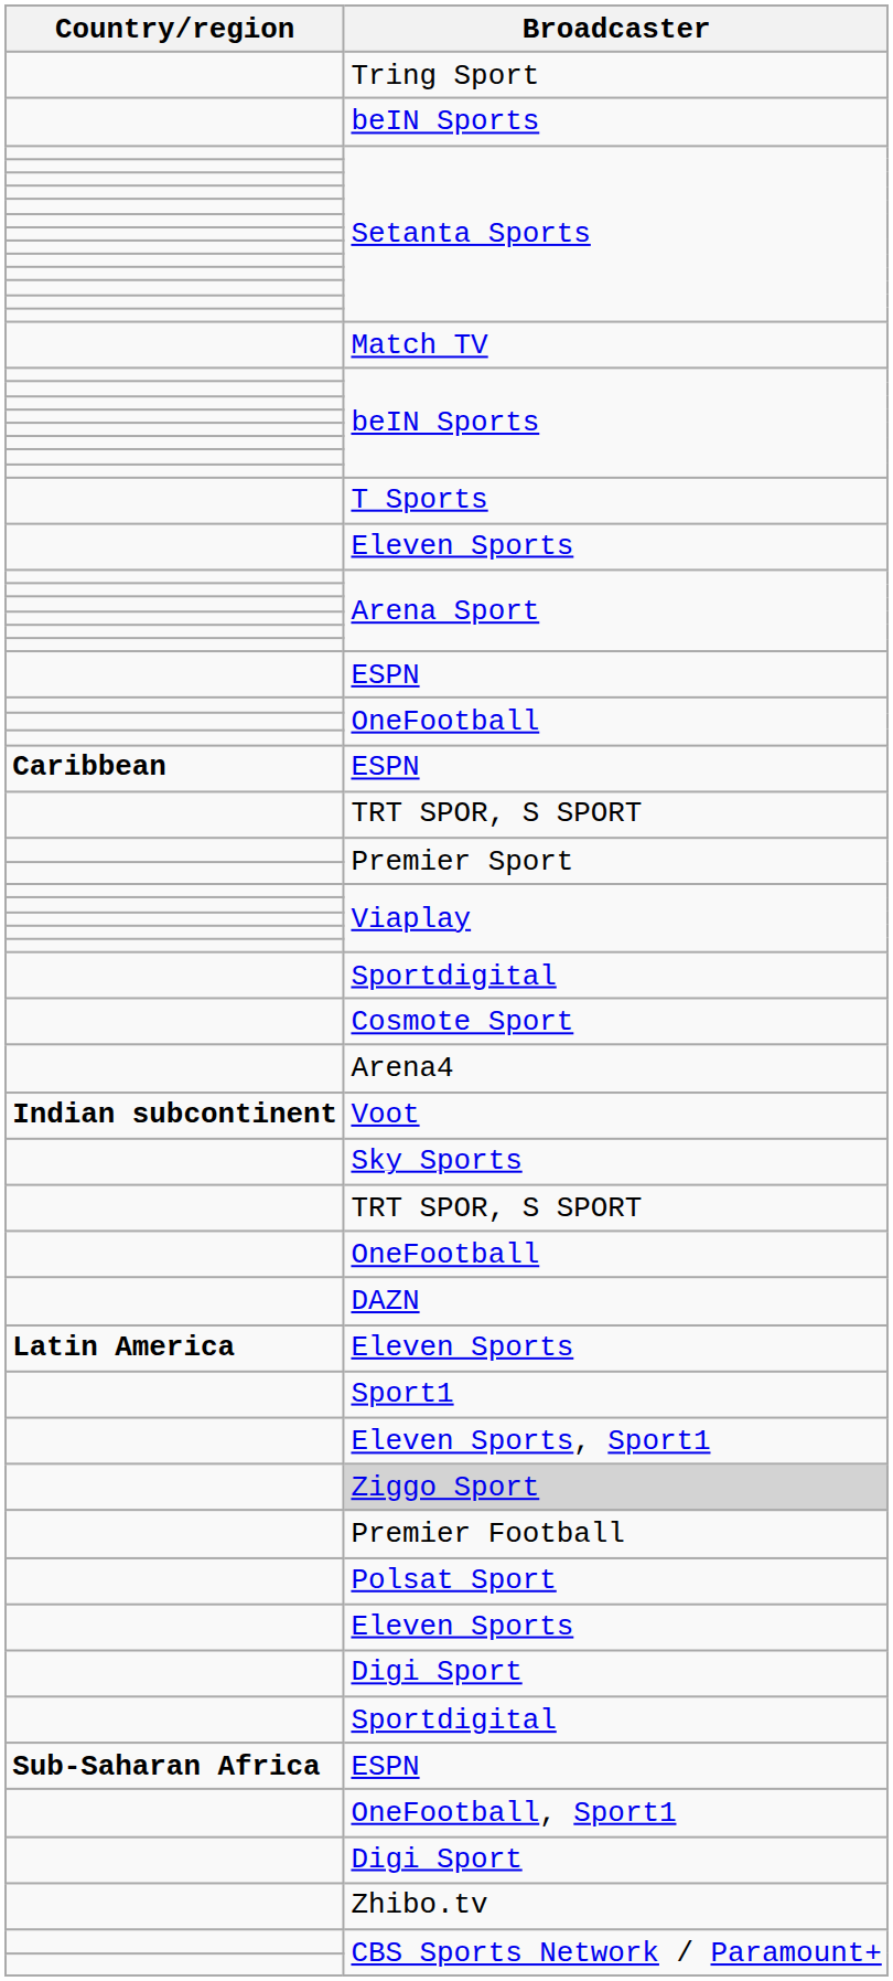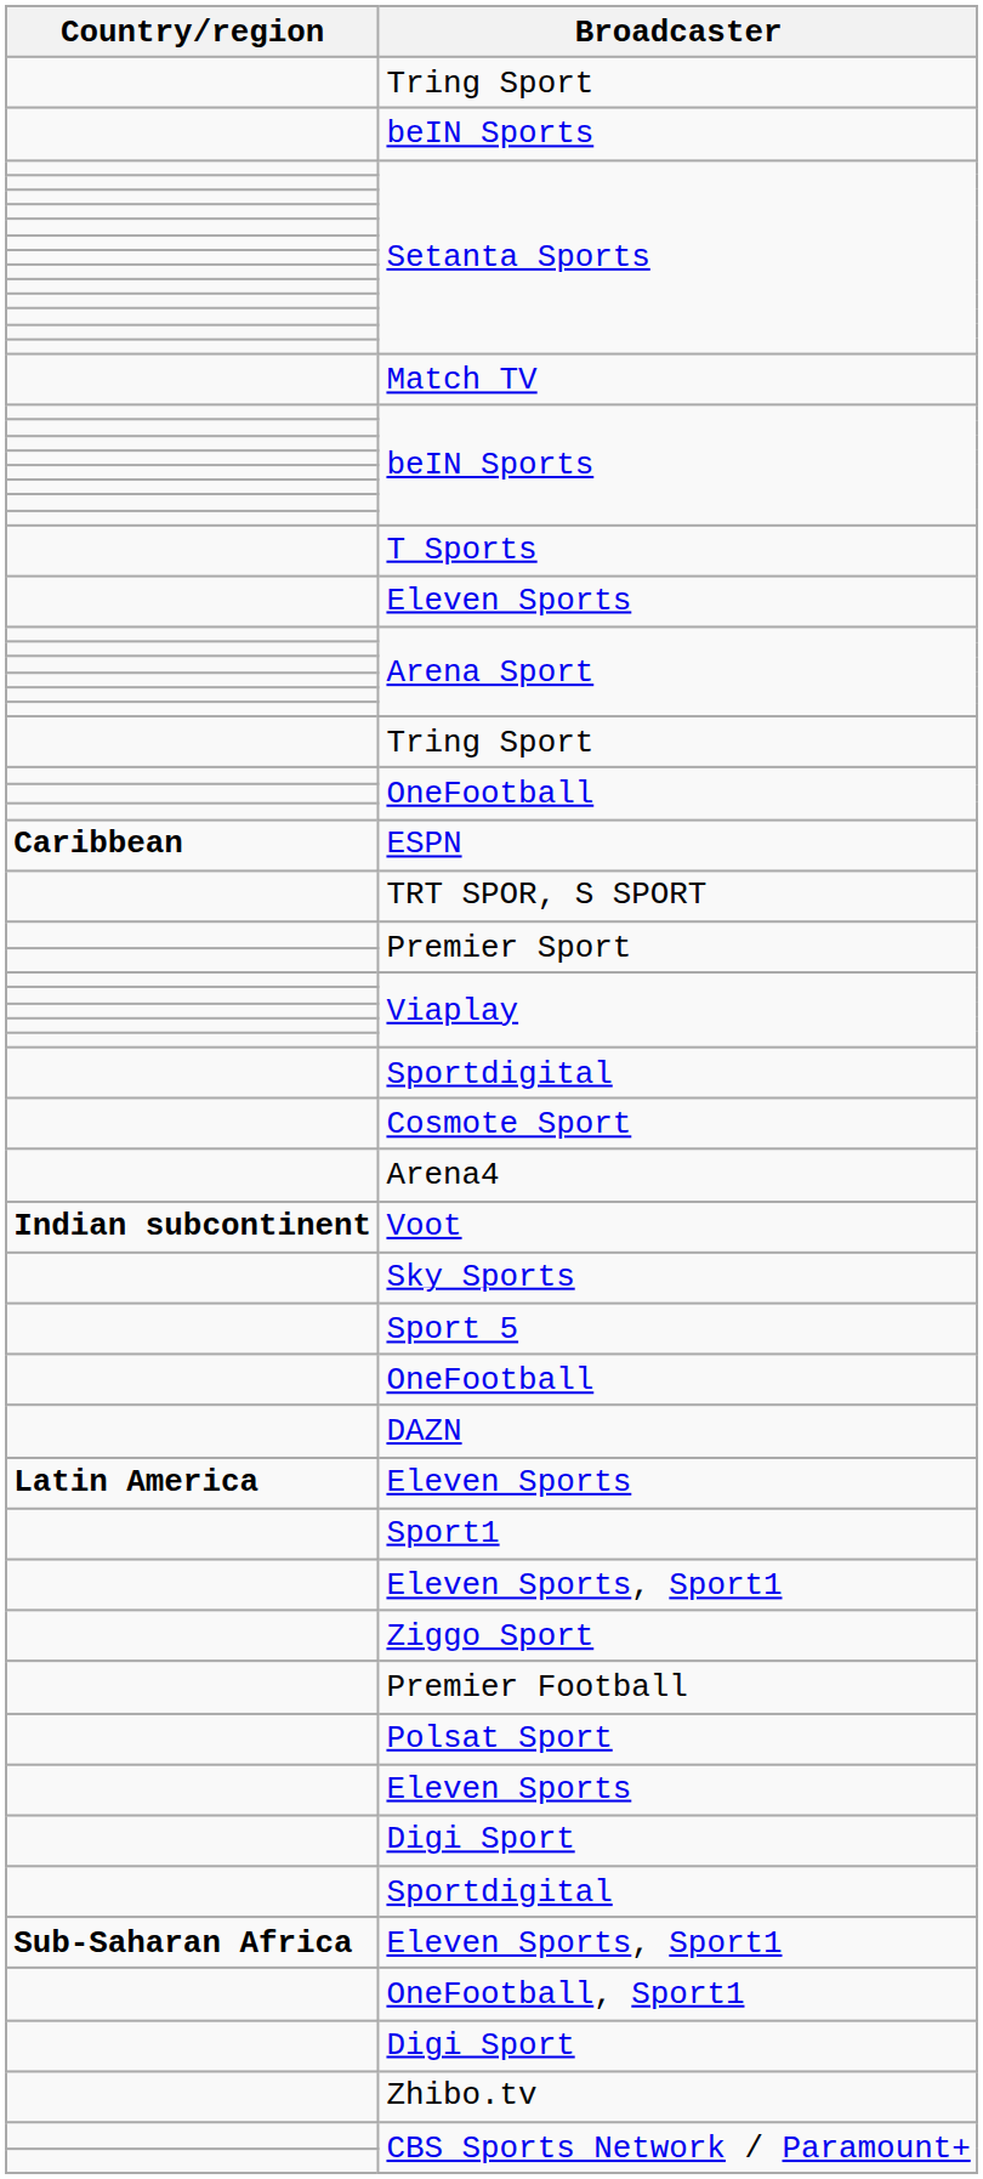 <table class="wikitable" border="1">
 <tr>
 <th>Country/region</th>
 <th>Broadcaster</th>
 </tr>
 <tr>
 <td><strong></strong></td>
 <td>Tring Sport</td>
 </tr>
 <tr>
 <td><strong></strong></td>
 <td><a href='#'>beIN Sports</a></td>
 </tr>
 <tr>
 <td><strong></strong></td>
 <td rowspan="13"><a href='#'>Setanta Sports</a></td>
 </tr>
 <tr>
 <td><strong></strong></td>
 </tr>
 <tr>
 <td><strong></strong></td>
 </tr>
 <tr>
 <td><strong></strong></td>
 </tr>
 <tr>
 <td><strong></strong></td>
 </tr>
 <tr>
 <td><strong></strong></td>
 </tr>
 <tr>
 <td><strong></strong></td>
 </tr>
 <tr>
 <td><strong></strong></td>
 </tr>
 <tr>
 <td><strong></strong></td>
 </tr>
 <tr>
 <td><strong></strong></td>
 </tr>
 <tr>
 <td><strong></strong></td>
 </tr>
 <tr>
 <td><strong></strong></td>
 </tr>
 <tr>
 <td><strong></strong></td>
 </tr>
 <tr>
 <td><strong></strong></td>
 <td><a href='#'>Match TV</a></td>
 </tr>
 <tr>
 <td><strong></strong></td>
 <td rowspan="8"><a href='#'>beIN Sports</a></td>
 </tr>
 <tr>
 <td><strong></strong></td>
 </tr>
 <tr>
 <td><strong></strong></td>
 </tr>
 <tr>
 <td><strong></strong></td>
 </tr>
 <tr>
 <td><strong></strong></td>
 </tr>
 <tr>
 <td><strong></strong></td>
 </tr>
 <tr>
 <td><strong></strong></td>
 </tr>
 <tr>
 <td><strong></strong></td>
 </tr>
 <tr>
 <td><strong></strong></td>
 <td><a href='#'>T Sports</a></td>
 </tr>
 <tr>
 <td><strong></strong></td>
 <td><a href='#'>Eleven Sports</a></td>
 </tr>
 <tr>
 <td align="left"><strong></strong></td>
 <td rowspan="6"><a href='#'>Arena Sport</a></td>
 </tr>
 <tr>
 <td align="left"><strong></strong></td>
 </tr>
 <tr>
 <td align="left"><strong></strong></td>
 </tr>
 <tr>
 <td align="left"><strong></strong></td>
 </tr>
 <tr>
 <td align="left"><strong></strong></td>
 </tr>
 <tr>
 <td align="left"><strong></strong></td>
 </tr>
 <tr>
 <td><strong></strong></td>
-<td><a href='#'>ESPN</a></td>
+<td>Tring Sport</td>
 </tr>
 <tr>
 <td><strong></strong></td>
 <td rowspan="3"><a href='#'>OneFootball</a></td>
 </tr>
 <tr>
 <td><strong></strong></td>
 </tr>
 <tr>
 <td><strong></strong></td>
 </tr>
 <tr>
 <td><strong> Caribbean</strong></td>
 <td><a href='#'>ESPN</a></td>
 </tr>
 <tr>
 <td><strong></strong></td>
 <td>TRT SPOR, S SPORT</td>
 </tr>
 <tr>
 <td><strong></strong></td>
 <td rowspan="2">Premier Sport</td>
 </tr>
 <tr>
 <td><strong></strong></td>
 </tr>
 <tr>
 <td><strong></strong></td>
 <td rowspan="5"><a href='#'>Viaplay</a></td>
 </tr>
 <tr>
 <td><strong></strong></td>
 </tr>
 <tr>
 <td><strong></strong></td>
 </tr>
 <tr>
 <td><strong></strong></td>
 </tr>
 <tr>
 <td><strong></strong></td>
 </tr>
 <tr>
 <td><strong></strong></td>
 <td><a href='#'>Sportdigital</a></td>
 </tr>
 <tr>
 <td><strong></strong></td>
 <td><a href='#'>Cosmote Sport</a></td>
 </tr>
 <tr>
 <td><strong></strong></td>
 <td>Arena4</td>
 </tr>
 <tr>
 <td><strong> Indian subcontinent</strong></td>
 <td><a href='#'>Voot</a></td>
 </tr>
 <tr>
 <td><strong></strong></td>
 <td><a href='#'>Sky Sports</a></td>
 </tr>
 <tr>
 <td><strong></strong></td>
-<td>TRT SPOR, S SPORT</td>
+<td><a href='#'>Sport 5</a></td>
 </tr>
 <tr>
 <td><strong></strong></td>
 <td><a href='#'>OneFootball</a></td>
 </tr>
 <tr>
 <td><strong></strong></td>
 <td><a href='#'>DAZN</a></td>
 </tr>
 <tr>
 <td><strong> Latin America</strong></td>
 <td><a href='#'>Eleven Sports</a></td>
 </tr>
 <tr>
 <td><strong></strong></td>
 <td><a href='#'>Sport1</a></td>
 </tr>
 <tr>
 <td><strong></strong></td>
 <td><a href='#'>Eleven Sports</a>, <a href='#'>Sport1</a></td>
 </tr>
 <tr>
 <td><strong></strong></td>
-<td style="background: lightgrey;"><a href='#'>Ziggo Sport</a></td>
+<td><a href='#'>Ziggo Sport</a></td>
 </tr>
 <tr>
 <td><strong></strong></td>
 <td>Premier Football</td>
 </tr>
 <tr>
 <td><strong></strong></td>
 <td><a href='#'>Polsat Sport</a></td>
 </tr>
 <tr>
 <td><strong></strong></td>
 <td><a href='#'>Eleven Sports</a></td>
 </tr>
 <tr>
 <td><strong></strong></td>
 <td><a href='#'>Digi Sport</a></td>
 </tr>
 <tr>
 <td><strong></strong></td>
 <td><a href='#'>Sportdigital</a></td>
 </tr>
 <tr>
 <td><strong> Sub-Saharan Africa</strong></td>
-<td><a href='#'>ESPN</a></td>
+<td><a href='#'>Eleven Sports</a>, <a href='#'>Sport1</a></td>
 </tr>
 <tr>
 <td><strong></strong></td>
 <td><a href='#'>OneFootball</a>, <a href='#'>Sport1</a></td>
 </tr>
 <tr>
 <td><strong></strong></td>
 <td><a href='#'>Digi Sport</a></td>
 </tr>
 <tr>
 <td><strong></strong></td>
 <td>Zhibo.tv</td>
 </tr>
 <tr>
 <td><strong></strong></td>
 <td rowspan=2><a href='#'>CBS Sports Network</a> / <a href='#'>Paramount+</a></td>
 </tr>
 <tr>
 <td><strong></strong></td>
 </tr>
 </table>
